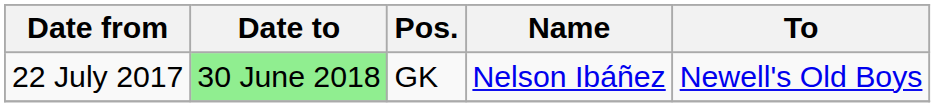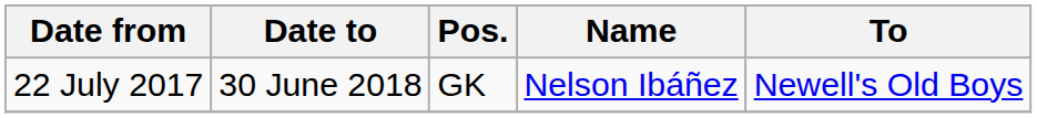 <table class="wikitable">
 <tr>
 <th>Date from</th>
 <th>Date to</th>
 <th>Pos.</th>
 <th>Name</th>
 <th>To</th>
 </tr>
 <tr>
 <td>22 July 2017</td>
-<td style="background: lightgreen;">30 June 2018</td>
+<td>30 June 2018</td>
 <td>GK</td>
 <td> <a href='#'>Nelson Ibáñez</a></td>
 <td> <a href='#'>Newell's Old Boys</a></td>
 </tr>
 <tr>
 </tr>
 </table>
